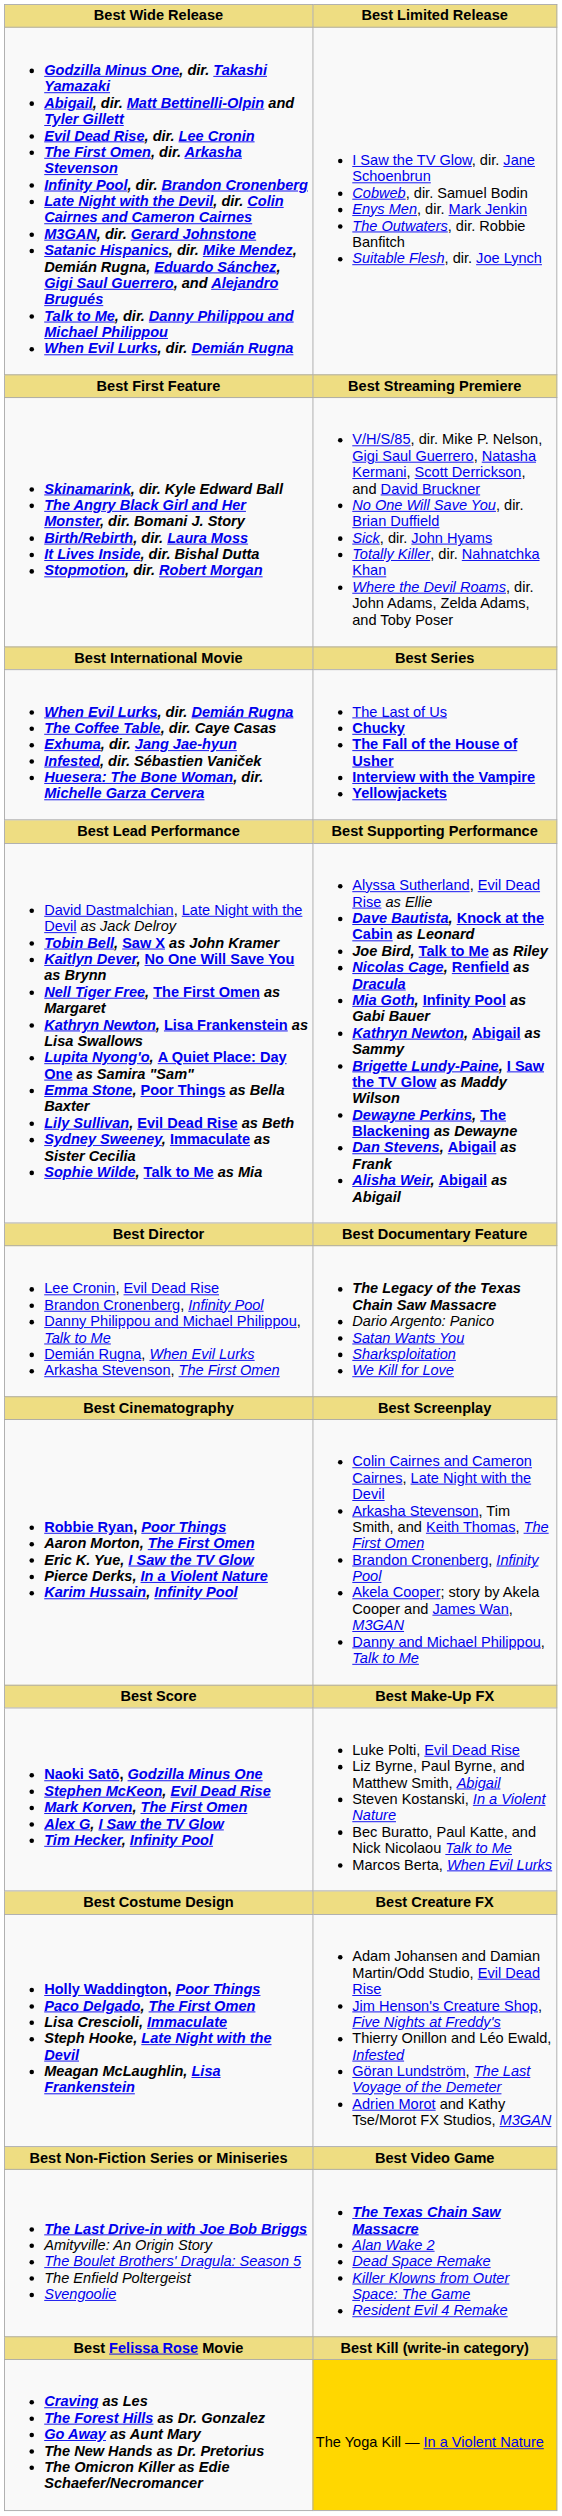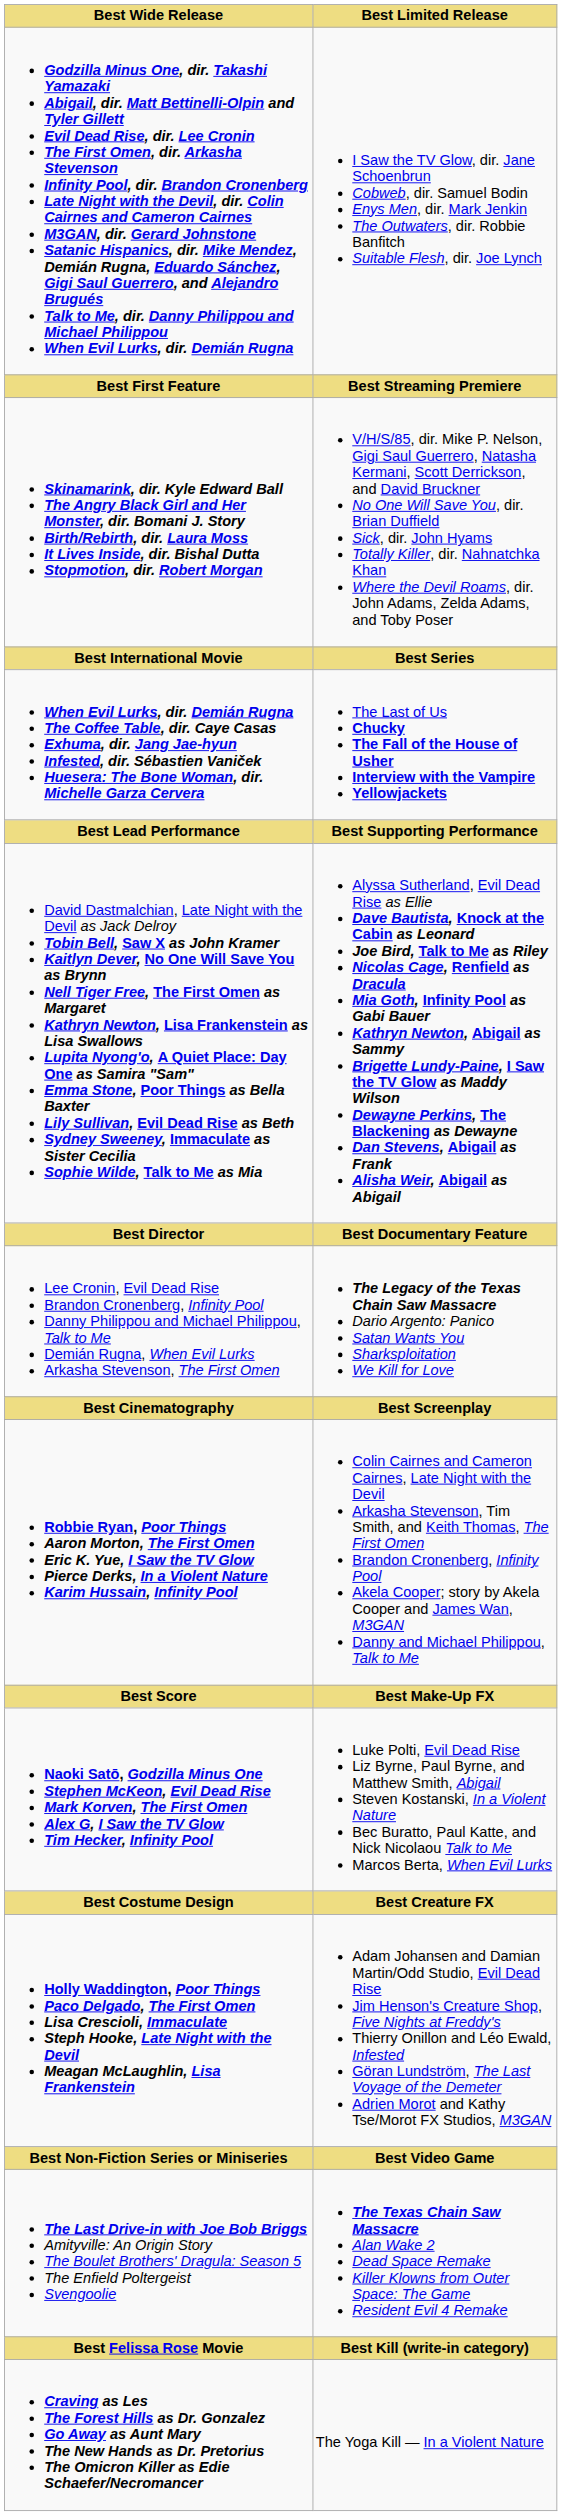 <table class=wikitable style="width="100%">
 <tr>
 <th style="background:#EEDD82">Best Wide Release</th>
 <th style="background:#EEDD82">Best Limited Release</th>
 </tr>
 <tr>
 <td><br><ul><li><strong><em><a href='#'>Godzilla Minus One</a><em>, dir. <a href='#'>Takashi Yamazaki</a><strong></li><li></em><a href='#'>Abigail</a><em>, dir. <a href='#'>Matt Bettinelli-Olpin</a> and <a href='#'>Tyler Gillett</a></li><li></em><a href='#'>Evil Dead Rise</a><em>, dir. <a href='#'>Lee Cronin</a></li><li></em><a href='#'>The First Omen</a><em>, dir. <a href='#'>Arkasha Stevenson</a></li><li></em><a href='#'>Infinity Pool</a><em>, dir. <a href='#'>Brandon Cronenberg</a></li><li></em><a href='#'>Late Night with the Devil</a><em>, dir. <a href='#'>Colin Cairnes and Cameron Cairnes</a></li><li></em><a href='#'>M3GAN</a><em>, dir. <a href='#'>Gerard Johnstone</a></li><li></em><a href='#'>Satanic Hispanics</a><em>, dir. <a href='#'>Mike Mendez</a>, Demián Rugna, <a href='#'>Eduardo Sánchez</a>, <a href='#'>Gigi Saul Guerrero</a>, and <a href='#'>Alejandro Brugués</a></li><li></em><a href='#'>Talk to Me</a><em>, dir. <a href='#'>Danny Philippou and Michael Philippou</a></li><li></em><a href='#'>When Evil Lurks</a><em>, dir. <a href='#'>Demián Rugna</a></li></ul></td>
 <td><br><ul><li></em></strong><a href='#'>I Saw the TV Glow</a></em>, dir. <a href='#'>Jane Schoenbrun</a></strong></li><li><em><a href='#'>Cobweb</a></em>, dir. Samuel Bodin</li><li><em><a href='#'>Enys Men</a></em>, dir. <a href='#'>Mark Jenkin</a></li><li><em><a href='#'>The Outwaters</a></em>, dir. Robbie Banfitch</li><li><em><a href='#'>Suitable Flesh</a></em>, dir. <a href='#'>Joe Lynch</a></li></ul></td>
 </tr>
 <tr>
 <th style="background:#EEDD82">Best First Feature</th>
 <th style="background:#EEDD82">Best Streaming Premiere</th>
 </tr>
 <tr>
 <td><br><ul><li><strong><em><a href='#'>Skinamarink</a><em>, dir. Kyle Edward Ball<strong></li><li></em><a href='#'>The Angry Black Girl and Her Monster</a><em>, dir. Bomani J. Story</li><li></em><a href='#'>Birth/Rebirth</a><em>, dir. <a href='#'>Laura Moss</a></li><li></em><a href='#'>It Lives Inside</a><em>, dir. Bishal Dutta</li><li></em><a href='#'>Stopmotion</a><em>, dir. <a href='#'>Robert Morgan</a></li></ul></td>
 <td><br><ul><li></em></strong><a href='#'>V/H/S/85</a></em>, dir. Mike P. Nelson, <a href='#'>Gigi Saul Guerrero</a>, <a href='#'>Natasha Kermani</a>, <a href='#'>Scott Derrickson</a>, and <a href='#'>David Bruckner</a></strong></li><li><em><a href='#'>No One Will Save You</a></em>, dir. <a href='#'>Brian Duffield</a></li><li><em><a href='#'>Sick</a></em>, dir. <a href='#'>John Hyams</a></li><li><em><a href='#'>Totally Killer</a></em>, dir. <a href='#'>Nahnatchka Khan</a></li><li><em><a href='#'>Where the Devil Roams</a></em>, dir. John Adams, Zelda Adams, and Toby Poser</li></ul></td>
 </tr>
 <tr>
 <th style="background:#EEDD82">Best International Movie</th>
 <th style="background:#EEDD82">Best Series</th>
 </tr>
 <tr>
 <td><br><ul><li><strong><em><a href='#'>When Evil Lurks</a><em>, dir. <a href='#'>Demián Rugna</a><strong></li><li></em><a href='#'>The Coffee Table</a><em>, dir. Caye Casas</li><li></em><a href='#'>Exhuma</a><em>, dir. <a href='#'>Jang Jae-hyun</a></li><li></em><a href='#'>Infested</a><em>, dir. Sébastien Vaniček</li><li></em><a href='#'>Huesera: The Bone Woman</a><em>, dir. <a href='#'>Michelle Garza Cervera</a></li></ul></td>
 <td><br><ul><li></em></strong><a href='#'>The Last of Us</a><strong><em></li><li></em><a href='#'>Chucky</a><em></li><li></em><a href='#'>The Fall of the House of Usher</a><em></li><li></em><a href='#'>Interview with the Vampire</a><em></li><li></em><a href='#'>Yellowjackets</a><em></li></ul></td>
 </tr>
 <tr>
 <th style="background:#EEDD82">Best Lead Performance</th>
 <th style="background:#EEDD82">Best Supporting Performance</th>
 </tr>
 <tr>
 <td><br><ul><li></strong><a href='#'>David Dastmalchian</a>, </em><a href='#'>Late Night with the Devil</a><em> as Jack Delroy<strong></li><li><a href='#'>Tobin Bell</a>, </em><a href='#'>Saw X</a><em> as John Kramer</li><li><a href='#'>Kaitlyn Dever</a>, </em><a href='#'>No One Will Save You</a><em> as Brynn</li><li><a href='#'>Nell Tiger Free</a>, </em><a href='#'>The First Omen</a><em> as Margaret</li><li><a href='#'>Kathryn Newton</a>, </em><a href='#'>Lisa Frankenstein</a><em> as Lisa Swallows</li><li><a href='#'>Lupita Nyong'o</a>, </em><a href='#'>A Quiet Place: Day One</a><em> as Samira "Sam"</li><li><a href='#'>Emma Stone</a>, </em><a href='#'>Poor Things</a><em> as Bella Baxter</li><li><a href='#'>Lily Sullivan</a>, </em><a href='#'>Evil Dead Rise</a><em> as Beth</li><li><a href='#'>Sydney Sweeney</a>, </em><a href='#'>Immaculate</a><em> as Sister Cecilia</li><li><a href='#'>Sophie Wilde</a>, </em><a href='#'>Talk to Me</a><em> as Mia</li></ul></td>
 <td><br><ul><li></strong><a href='#'>Alyssa Sutherland</a>, </em><a href='#'>Evil Dead Rise</a><em> as Ellie<strong></li><li><a href='#'>Dave Bautista</a>, </em><a href='#'>Knock at the Cabin</a><em> as Leonard</li><li>Joe Bird, </em><a href='#'>Talk to Me</a><em> as Riley</li><li><a href='#'>Nicolas Cage</a>, </em><a href='#'>Renfield</a><em> as <a href='#'>Dracula</a></li><li><a href='#'>Mia Goth</a>, </em><a href='#'>Infinity Pool</a><em> as Gabi Bauer</li><li><a href='#'>Kathryn Newton</a>, </em><a href='#'>Abigail</a><em> as Sammy</li><li><a href='#'>Brigette Lundy-Paine</a>, </em><a href='#'>I Saw the TV Glow</a><em> as Maddy Wilson</li><li><a href='#'>Dewayne Perkins</a>, </em><a href='#'>The Blackening</a><em> as Dewayne</li><li><a href='#'>Dan Stevens</a>, </em><a href='#'>Abigail</a><em> as Frank</li><li><a href='#'>Alisha Weir</a>, </em><a href='#'>Abigail</a><em> as Abigail</li></ul></td>
 </tr>
 <tr>
 <th style="background:#EEDD82">Best Director</th>
 <th style="background:#EEDD82">Best Documentary Feature</th>
 </tr>
 <tr>
 <td><br><ul><li></strong><a href='#'>Lee Cronin</a>, </em><a href='#'>Evil Dead Rise</a></em></strong></li><li><a href='#'>Brandon Cronenberg</a>, <em><a href='#'>Infinity Pool</a></em></li><li><a href='#'>Danny Philippou and Michael Philippou</a>, <em><a href='#'>Talk to Me</a></em></li><li><a href='#'>Demián Rugna</a>, <em><a href='#'>When Evil Lurks</a></em></li><li><a href='#'>Arkasha Stevenson</a>, <em><a href='#'>The First Omen</a></em></li></ul></td>
 <td><br><ul><li><strong><em>The Legacy of the Texas Chain Saw Massacre</em></strong></li><li><em>Dario Argento: Panico</em></li><li><em><a href='#'>Satan Wants You</a></em></li><li><em><a href='#'>Sharksploitation</a></em></li><li><em><a href='#'>We Kill for Love</a></em></li></ul></td>
 </tr>
 <tr>
 <th style="background:#EEDD82">Best Cinematography</th>
 <th style="background:#EEDD82">Best Screenplay</th>
 </tr>
 <tr>
 <td><br><ul><li><strong><a href='#'>Robbie Ryan</a>, <em><a href='#'>Poor Things</a><strong><em></li><li>Aaron Morton, </em><a href='#'>The First Omen</a><em></li><li>Eric K. Yue, </em><a href='#'>I Saw the TV Glow</a><em></li><li>Pierce Derks, </em><a href='#'>In a Violent Nature</a><em></li><li><a href='#'>Karim Hussain</a>, </em><a href='#'>Infinity Pool</a><em></li></ul></td>
 <td><br><ul><li></strong><a href='#'>Colin Cairnes and Cameron Cairnes</a>, </em><a href='#'>Late Night with the Devil</a></em></strong></li><li><a href='#'>Arkasha Stevenson</a>, Tim Smith, and <a href='#'>Keith Thomas</a>, <em><a href='#'>The First Omen</a></em></li><li><a href='#'>Brandon Cronenberg</a>, <em><a href='#'>Infinity Pool</a></em></li><li><a href='#'>Akela Cooper</a>; story by Akela Cooper and <a href='#'>James Wan</a>, <em><a href='#'>M3GAN</a></em></li><li><a href='#'>Danny and Michael Philippou</a>, <em><a href='#'>Talk to Me</a></em></li></ul></td>
 </tr>
 <tr>
 <th style="background:#EEDD82">Best Score</th>
 <th style="background:#EEDD82">Best Make-Up FX</th>
 </tr>
 <tr>
 <td><br><ul><li><strong><a href='#'>Naoki Satō</a>, <em><a href='#'>Godzilla Minus One</a><strong><em></li><li><a href='#'>Stephen McKeon</a>, </em><a href='#'>Evil Dead Rise</a><em></li><li><a href='#'>Mark Korven</a>, </em><a href='#'>The First Omen</a><em></li><li><a href='#'>Alex G</a>, </em><a href='#'>I Saw the TV Glow</a><em></li><li><a href='#'>Tim Hecker</a>, </em><a href='#'>Infinity Pool</a><em></li></ul></td>
 <td><br><ul><li></strong>Luke Polti, </em><a href='#'>Evil Dead Rise</a></em></strong></li><li>Liz Byrne, Paul Byrne, and Matthew Smith, <em><a href='#'>Abigail</a></em></li><li>Steven Kostanski, <em><a href='#'>In a Violent Nature</a></em></li><li>Bec Buratto, Paul Katte, and Nick Nicolaou <em><a href='#'>Talk to Me</a></em></li><li>Marcos Berta, <em><a href='#'>When Evil Lurks</a></em></li></ul></td>
 </tr>
 <tr>
 <th style="background:#EEDD82">Best Costume Design</th>
 <th style="background:#EEDD82">Best Creature FX</th>
 </tr>
 <tr>
 <td><br><ul><li><strong><a href='#'>Holly Waddington</a>, <em><a href='#'>Poor Things</a><strong><em></li><li><a href='#'>Paco Delgado</a>, </em><a href='#'>The First Omen</a><em></li><li>Lisa Crescioli, </em><a href='#'>Immaculate</a><em></li><li>Steph Hooke, </em><a href='#'>Late Night with the Devil</a><em></li><li>Meagan McLaughlin, </em><a href='#'>Lisa Frankenstein</a><em></li></ul></td>
 <td><br><ul><li></strong>Adam Johansen and Damian Martin/Odd Studio, </em><a href='#'>Evil Dead Rise</a></em></strong></li><li><a href='#'>Jim Henson's Creature Shop</a>, <em><a href='#'>Five Nights at Freddy's</a></em></li><li>Thierry Onillon and Léo Ewald, <em><a href='#'>Infested</a></em></li><li><a href='#'>Göran Lundström</a>, <em><a href='#'>The Last Voyage of the Demeter</a></em></li><li><a href='#'>Adrien Morot</a> and Kathy Tse/Morot FX Studios, <em><a href='#'>M3GAN</a></em></li></ul></td>
 </tr>
 <tr>
 <th style="background:#EEDD82">Best Non-Fiction Series or Miniseries</th>
 <th style="background:#EEDD82">Best Video Game</th>
 </tr>
 <tr>
 <td><br><ul><li><strong><em><a href='#'>The Last Drive-in with Joe Bob Briggs</a></em></strong></li><li><em>Amityville: An Origin Story</em></li><li><em><a href='#'>The Boulet Brothers' Dragula: Season 5</a></em></li><li><em>The Enfield Poltergeist</em></li><li><em><a href='#'>Svengoolie</a></em></li></ul></td>
 <td><br><ul><li><strong><em><a href='#'>The Texas Chain Saw Massacre</a></em></strong></li><li><em><a href='#'>Alan Wake 2</a></em></li><li><em><a href='#'>Dead Space Remake</a></em></li><li><em><a href='#'>Killer Klowns from Outer Space: The Game</a></em></li><li><em><a href='#'>Resident Evil 4 Remake</a></em></li></ul></td>
 </tr>
 <tr>
 <th style="background:#EEDD82">Best <a href='#'>Felissa Rose</a> Movie</th>
 <th style="background:#EEDD82">Best Kill (write-in category)</th>
 </tr>
 <tr>
 <td><br><ul><li><strong><em><a href='#'>Craving</a><em> as Les<strong></li><li></em><a href='#'>The Forest Hills</a><em> as Dr. Gonzalez</li><li></em><a href='#'>Go Away</a><em> as Aunt Mary</li><li></em>The New Hands<em> as Dr. Pretorius</li><li></em>The Omicron Killer<em> as Edie Schaefer/Necromancer</li></ul></td>
-<td style="background: gold;"><br></strong>The Yoga Kill — </em><a href='#'>In a Violent Nature</a></em></strong></td>
+<td><br></strong>The Yoga Kill — </em><a href='#'>In a Violent Nature</a></em></strong></td>
 </tr>
 </table>
